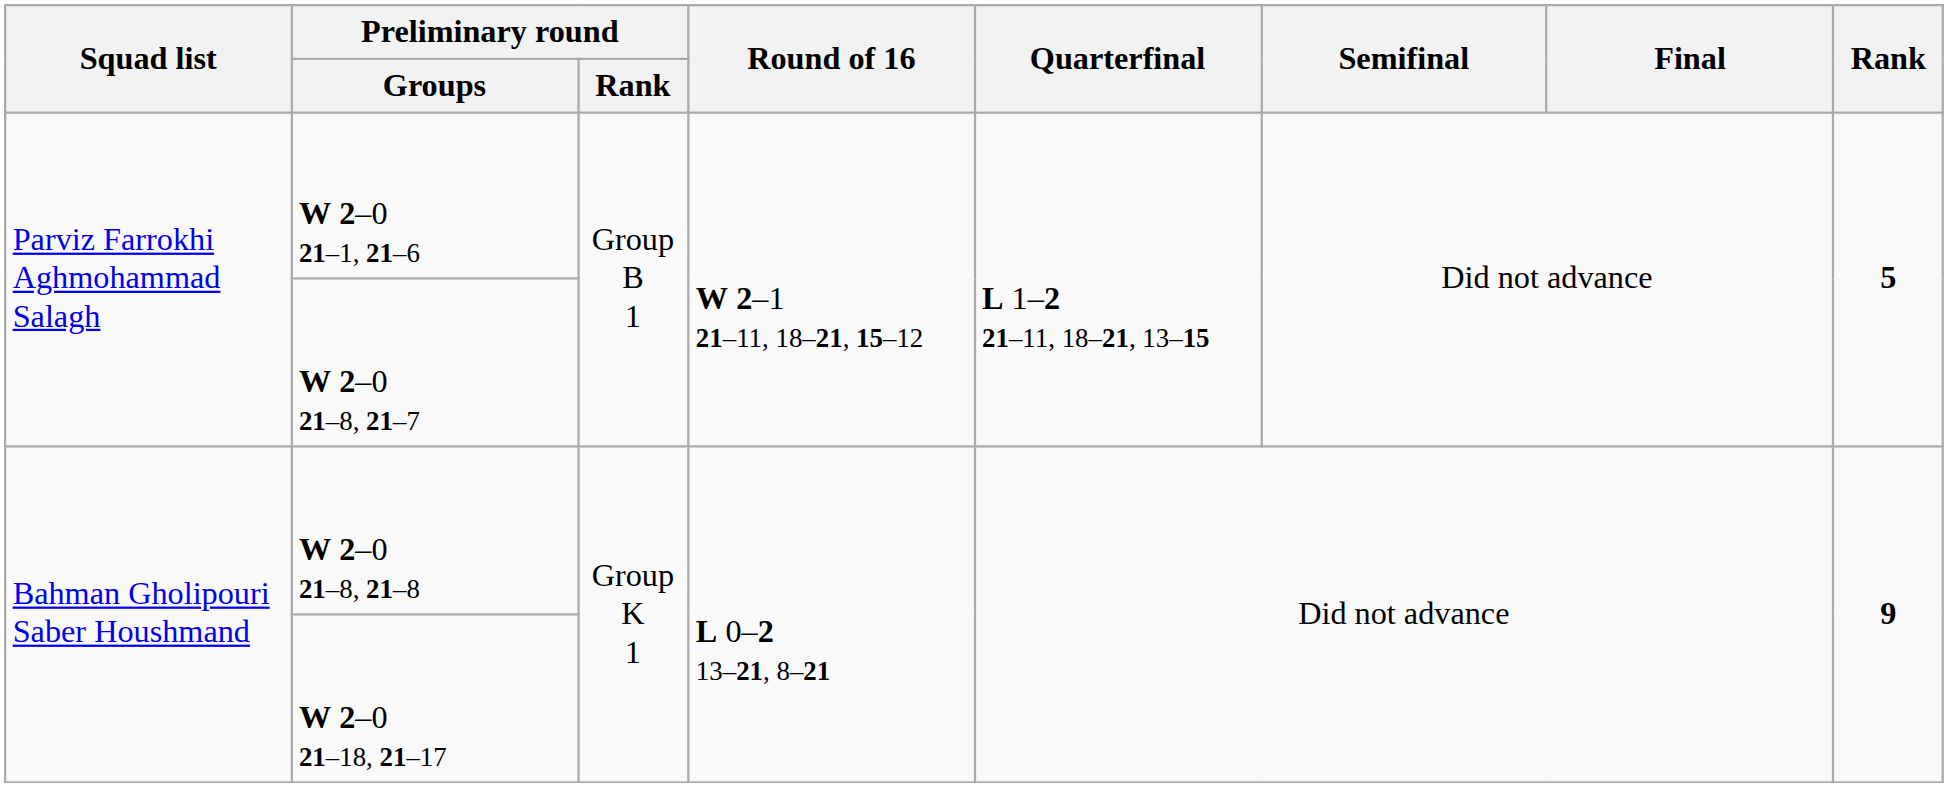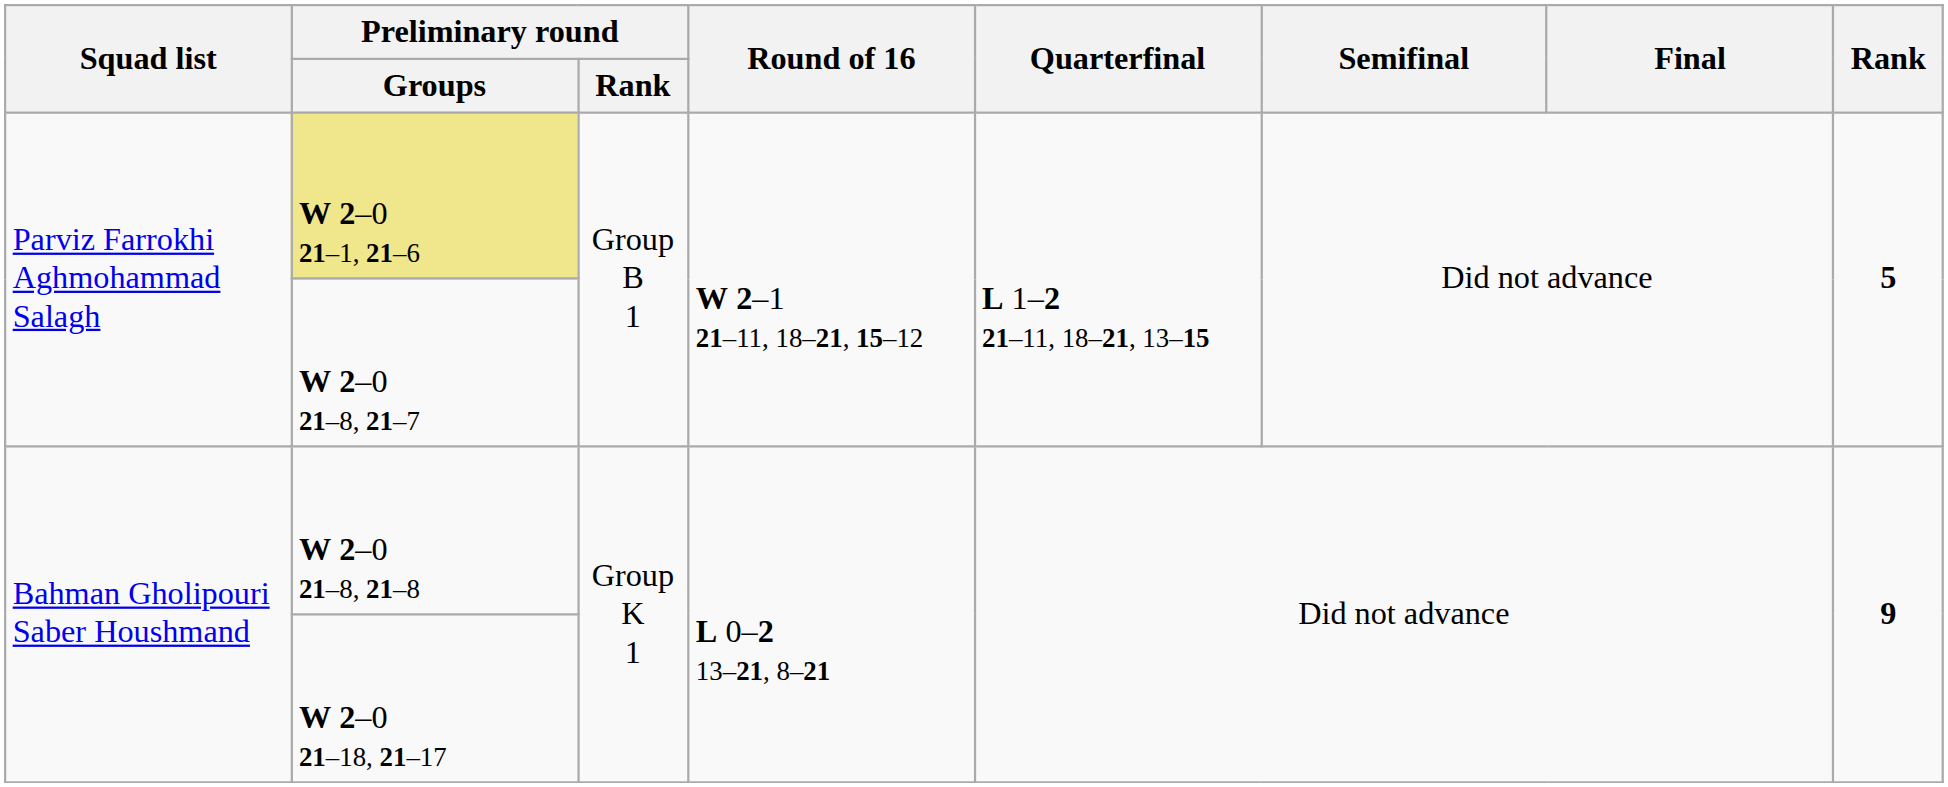 <table class="wikitable" width="98%" style="text-align:left; font-size:90%">
 <tr>
 <th rowspan="2" width="13%">Squad list</th>
 <th colspan="2">Preliminary round</th>
 <th rowspan="2" width="13%">Round of 16</th>
 <th rowspan="2" width="13%">Quarterfinal</th>
 <th rowspan="2" width="13%">Semifinal</th>
 <th rowspan="2" width="13%">Final</th>
 <th rowspan="2" width="5%">Rank</th>
 </tr>
 <tr>
 <th width="13%">Groups</th>
 <th width="5%">Rank</th>
 </tr>
 <tr>
 <td rowspan="2"><a href='#'>Parviz Farrokhi</a><br><a href='#'>Aghmohammad Salagh</a></td>
-<td><br><br><strong>W</strong> <strong>2</strong>–0<br><small><strong>21</strong>–1, <strong>21</strong>–6</small></td>
+<td style="background: khaki;"><br><br><strong>W</strong> <strong>2</strong>–0<br><small><strong>21</strong>–1, <strong>21</strong>–6</small></td>
 <td rowspan="2" align=center>Group B<br>1 <strong></strong></td>
 <td rowspan="2"><br><br><strong>W</strong> <strong>2</strong>–1<br><small><strong>21</strong>–11, 18–<strong>21</strong>, <strong>15</strong>–12</small></td>
 <td rowspan="2"><br><br><strong>L</strong> 1–<strong>2</strong><br><small><strong>21</strong>–11, 18–<strong>21</strong>, 13–<strong>15</strong></small></td>
 <td rowspan="2" colspan=2 align=center>Did not advance</td>
 <td rowspan="2" align="center"><strong>5</strong></td>
 </tr>
 <tr>
 <td><br><br><strong>W</strong> <strong>2</strong>–0<br><small><strong>21</strong>–8, <strong>21</strong>–7</small></td>
 </tr>
 <tr>
 <td rowspan="2"><a href='#'>Bahman Gholipouri</a><br><a href='#'>Saber Houshmand</a></td>
 <td><br><br><strong>W</strong> <strong>2</strong>–0<br><small><strong>21</strong>–8, <strong>21</strong>–8</small></td>
 <td rowspan="2" align=center>Group K<br>1 <strong></strong></td>
 <td rowspan="2"><br><br><strong>L</strong> 0–<strong>2</strong><br><small>13–<strong>21</strong>, 8–<strong>21</strong></small></td>
 <td rowspan="2" colspan=3 align=center>Did not advance</td>
 <td rowspan="2" align="center"><strong>9</strong></td>
 </tr>
 <tr>
 <td><br><br><strong>W</strong> <strong>2</strong>–0<br><small><strong>21</strong>–18, <strong>21</strong>–17</small></td>
 </tr>
 </table>
